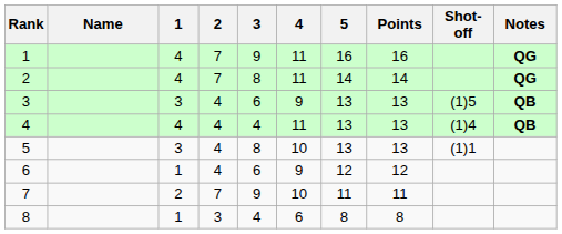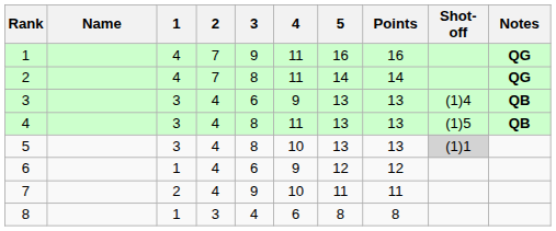 <table class="wikitable sortable" style="text-align:center;">
 <tr>
 <th>Rank</th>
 <th style="width:20em;">Name</th>
 <th style="width:7em;">1</th>
 <th style="width:7em;">2</th>
 <th style="width:7em;">3</th>
 <th style="width:7em;">4</th>
 <th style="width:7em;">5</th>
 <th style="width:7em;">Points</th>
 <th style="width:7em;">Shot-off</th>
 <th style="width:7em;">Notes</th>
 </tr>
 <tr bgcolor=ccffcc>
 <td>1</td>
 <td align=left></td>
 <td>4</td>
 <td>7</td>
 <td>9</td>
 <td>11</td>
 <td>16</td>
 <td>16</td>
 <td></td>
 <td><strong>QG</strong></td>
 </tr>
 <tr bgcolor=ccffcc>
 <td>2</td>
 <td align=left></td>
 <td>4</td>
 <td>7</td>
 <td>8</td>
 <td>11</td>
 <td>14</td>
 <td>14</td>
 <td></td>
 <td><strong>QG</strong></td>
 </tr>
 <tr bgcolor=ccffcc>
 <td>3</td>
 <td align=left></td>
 <td>3</td>
 <td>4</td>
 <td>6</td>
 <td>9</td>
 <td>13</td>
 <td>13</td>
-<td>(1)5</td>
+<td>(1)4</td>
 <td><strong>QB</strong></td>
 </tr>
 <tr bgcolor=ccffcc>
 <td>4</td>
 <td align=left></td>
+<td>3</td>
 <td>4</td>
-<td>4</td>
-<td>4</td>
+<td>8</td>
 <td>11</td>
 <td>13</td>
 <td>13</td>
-<td>(1)4</td>
+<td>(1)5</td>
 <td><strong>QB</strong></td>
 </tr>
 <tr>
 <td>5</td>
 <td align=left></td>
 <td>3</td>
 <td>4</td>
 <td>8</td>
 <td>10</td>
 <td>13</td>
 <td>13</td>
-<td>(1)1</td>
+<td style="background: lightgrey;">(1)1</td>
 <td></td>
 </tr>
 <tr>
 <td>6</td>
 <td align=left></td>
 <td>1</td>
 <td>4</td>
 <td>6</td>
 <td>9</td>
 <td>12</td>
 <td>12</td>
 <td></td>
 <td></td>
 </tr>
 <tr>
 <td>7</td>
 <td align=left></td>
 <td>2</td>
-<td>7</td>
+<td>4</td>
 <td>9</td>
 <td>10</td>
 <td>11</td>
 <td>11</td>
 <td></td>
 <td></td>
 </tr>
 <tr>
 <td>8</td>
 <td align=left></td>
 <td>1</td>
 <td>3</td>
 <td>4</td>
 <td>6</td>
 <td>8</td>
 <td>8</td>
 <td></td>
 <td></td>
 </tr>
 </table>
